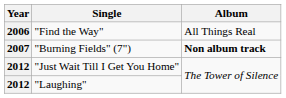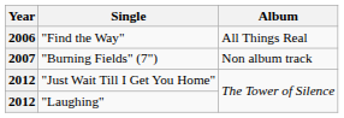 <table class="wikitable plainrowheaders" style="text-align:left;">
 <tr>
 <th scope="col">Year</th>
 <th scope="col">Single</th>
 <th scope="col">Album</th>
 </tr>
 <tr>
 <th scope="row">2006</th>
 <td>"Find the Way"</td>
 <td>All Things Real</td>
 </tr>
 <tr>
 <th scope="row">2007</th>
 <td>"Burning Fields" (7")</td>
-<td><strong>Non album track</strong></td>
+<td>Non album track</td>
 </tr>
 <tr>
 <th scope="row">2012</th>
 <td>"Just Wait Till I Get You Home"</td>
 <td rowspan="3"><em>The Tower of Silence</em></td>
 </tr>
 <tr>
 <th scope="row" rowspan="2">2012</th>
 <td>"Laughing"</td>
 </tr>
 </table>
